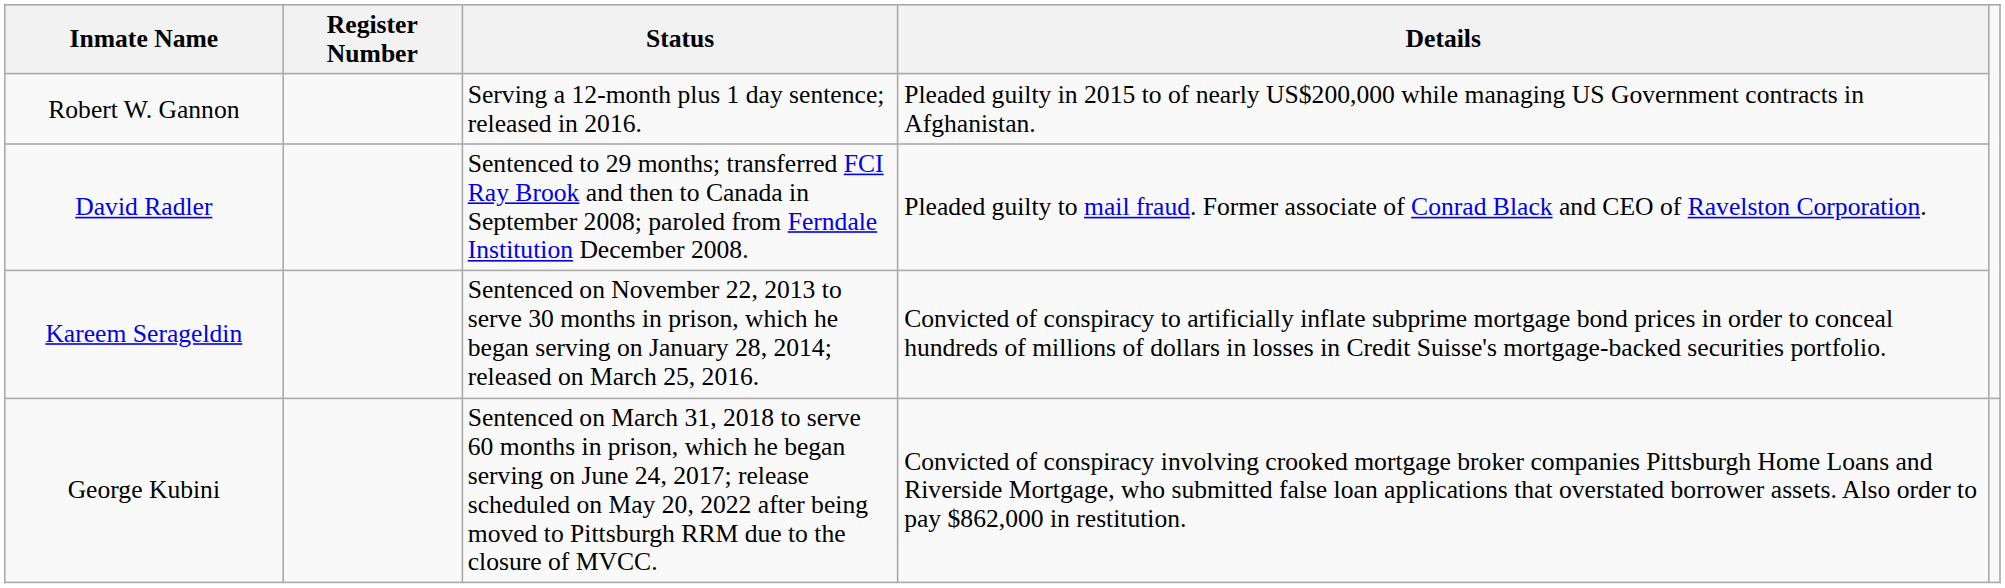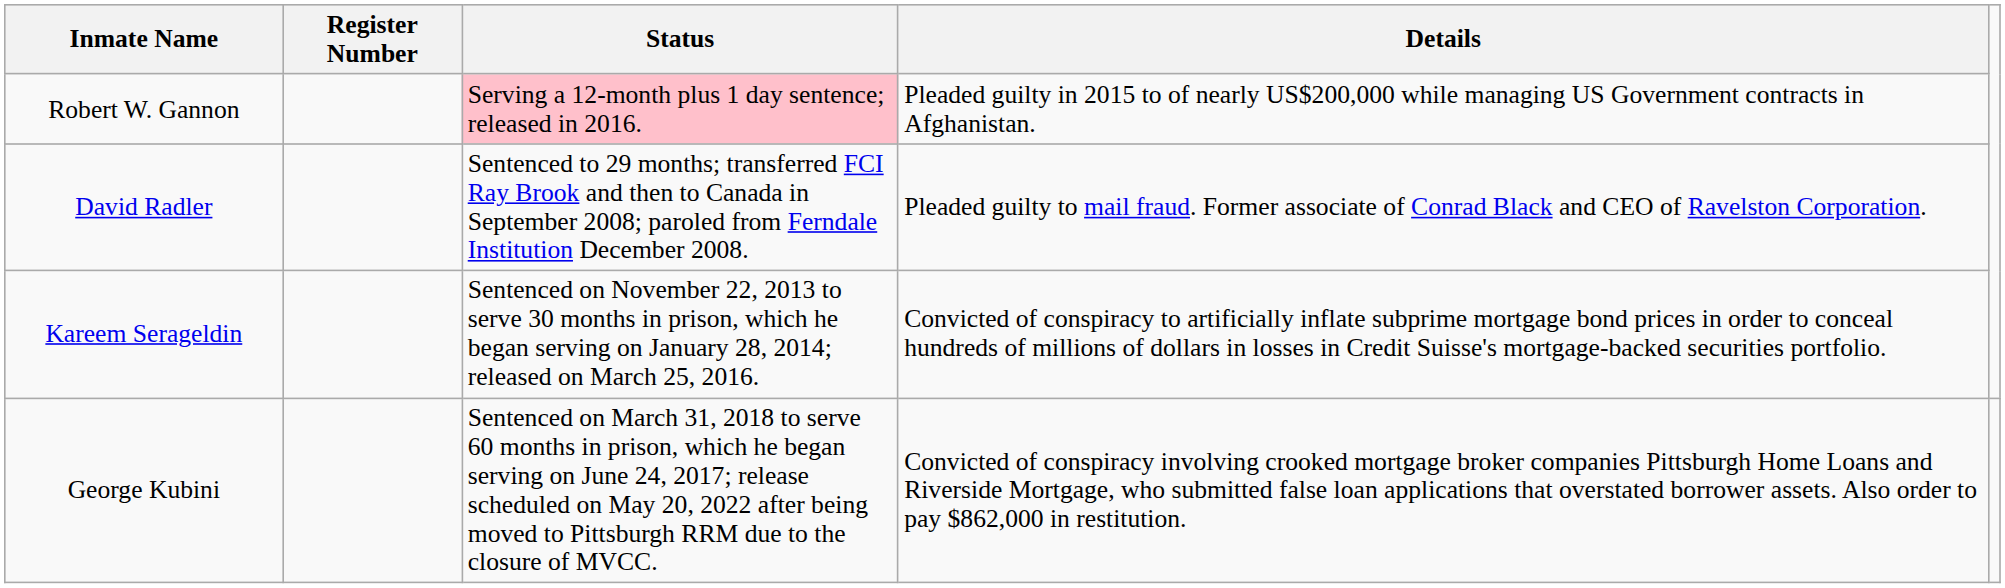 <table class="wikitable sortable">
 <tr>
 <th width="14%">Inmate Name</th>
 <th width="9%">Register Number</th>
 <th width="22%">Status</th>
 <th width="55%">Details</th>
 </tr>
 <tr>
 <td style="text-align:center;">Robert W. Gannon</td>
 <td style="text-align:center;"></td>
-<td>Serving a 12-month plus 1 day sentence; released in 2016.</td>
+<td style="background: pink;">Serving a 12-month plus 1 day sentence; released in 2016.</td>
 <td>Pleaded guilty in 2015 to  of nearly US$200,000 while managing US Government contracts in Afghanistan.</td>
 </tr>
 <tr>
 <td style="text-align:center;"><a href='#'>David Radler</a></td>
 <td style="text-align:center;"></td>
 <td>Sentenced to 29 months; transferred <a href='#'>FCI Ray Brook</a> and then to Canada in September 2008; paroled from <a href='#'>Ferndale Institution</a> December 2008.</td>
 <td>Pleaded guilty to <a href='#'>mail fraud</a>. Former associate of <a href='#'>Conrad Black</a> and CEO of <a href='#'>Ravelston Corporation</a>.</td>
 </tr>
 <tr>
 <td style="text-align:center;"><a href='#'>Kareem Serageldin</a></td>
 <td style="text-align:center;"></td>
 <td>Sentenced on November 22, 2013 to serve 30 months in prison, which he began serving on January 28, 2014; released on March 25, 2016.</td>
 <td>Convicted of conspiracy to artificially inflate subprime mortgage bond prices in order to conceal hundreds of millions of dollars in losses in Credit Suisse's mortgage-backed securities portfolio.</td>
 </tr>
 <tr>
 <td style="text-align:center;">George Kubini</td>
 <td style="text-align:center;"></td>
 <td>Sentenced on March 31, 2018 to serve 60 months in prison, which he began serving on June 24, 2017; release scheduled on May 20, 2022 after being moved to Pittsburgh RRM due to the closure of MVCC.</td>
 <td>Convicted of conspiracy involving crooked mortgage broker companies Pittsburgh Home Loans and Riverside Mortgage, who submitted false loan applications that overstated borrower assets. Also order to pay $862,000 in restitution.</td>
 <td></td>
 </tr>
 </table>
